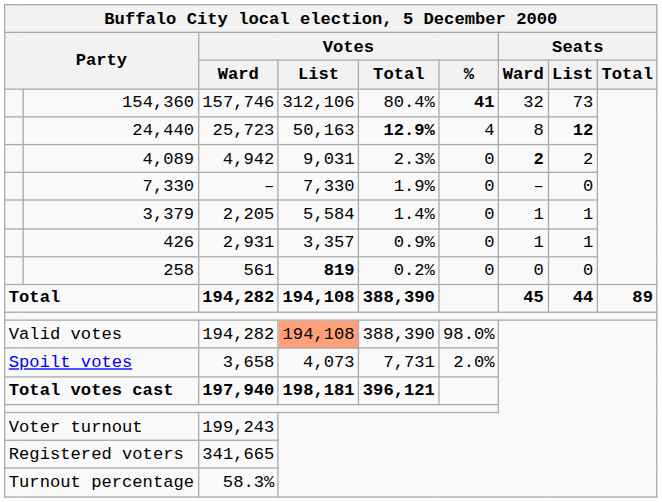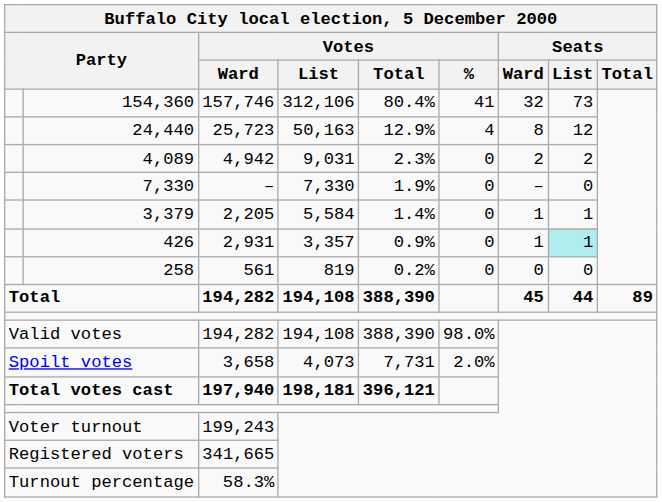 <table class=wikitable style="text-align:right">
 <tr>
 <th colspan="9" align="center">Buffalo City local election, 5 December 2000</th>
 </tr>
 <tr>
 <th rowspan="2" colspan="2">Party</th>
 <th colspan="4" align="center">Votes</th>
 <th colspan="3" align="center">Seats</th>
 </tr>
 <tr>
 <th>Ward</th>
 <th>List</th>
 <th>Total</th>
 <th>%</th>
 <th>Ward</th>
 <th>List</th>
 <th>Total</th>
 </tr>
 <tr>
 <td></td>
 <td>154,360</td>
 <td>157,746</td>
 <td>312,106</td>
 <td>80.4%</td>
-<td><strong>41</strong></td>
+<td>41</td>
 <td>32</td>
 <td>73</td>
 </tr>
 <tr>
 <td></td>
 <td>24,440</td>
 <td>25,723</td>
 <td>50,163</td>
-<td><strong>12.9%</strong></td>
+<td>12.9%</td>
 <td>4</td>
 <td>8</td>
-<td><strong>12</strong></td>
+<td>12</td>
 </tr>
 <tr>
 <td></td>
 <td>4,089</td>
 <td>4,942</td>
 <td>9,031</td>
 <td>2.3%</td>
 <td>0</td>
-<td><strong>2</strong></td>
+<td>2</td>
 <td>2</td>
 </tr>
 <tr>
 <td></td>
 <td>7,330</td>
 <td>–</td>
 <td>7,330</td>
 <td>1.9%</td>
 <td>0</td>
 <td>–</td>
 <td>0</td>
 </tr>
 <tr>
 <td></td>
 <td>3,379</td>
 <td>2,205</td>
 <td>5,584</td>
 <td>1.4%</td>
 <td>0</td>
 <td>1</td>
 <td>1</td>
 </tr>
 <tr>
 <td></td>
 <td>426</td>
 <td>2,931</td>
 <td>3,357</td>
 <td>0.9%</td>
 <td>0</td>
 <td>1</td>
-<td>1</td>
+<td style="background: paleturquoise;">1</td>
 </tr>
 <tr>
 <td></td>
 <td>258</td>
 <td>561</td>
-<td><strong>819</strong></td>
+<td>819</td>
 <td>0.2%</td>
 <td>0</td>
 <td>0</td>
 <td>0</td>
 </tr>
 <tr>
 <td colspan="2" style="text-align:left"><strong>Total</strong></td>
 <td><strong>194,282</strong></td>
 <td><strong>194,108</strong></td>
 <td><strong>388,390</strong></td>
 <td></td>
 <td><strong>45</strong></td>
 <td><strong>44</strong></td>
 <td><strong>89</strong></td>
 </tr>
 <tr>
 <td colspan="9"></td>
 </tr>
 <tr>
 <td colspan="2" style="text-align:left">Valid votes</td>
 <td>194,282</td>
-<td style="background: lightsalmon;">194,108</td>
+<td>194,108</td>
 <td>388,390</td>
 <td>98.0%</td>
 </tr>
 <tr>
 <td colspan="2" style="text-align:left"><a href='#'>Spoilt votes</a></td>
 <td>3,658</td>
 <td>4,073</td>
 <td>7,731</td>
 <td>2.0%</td>
 </tr>
 <tr>
 <td colspan="2" style="text-align:left"><strong>Total votes cast</strong></td>
 <td><strong>197,940</strong></td>
 <td><strong>198,181</strong></td>
 <td><strong>396,121</strong></td>
 <td></td>
 </tr>
 <tr>
 <td colspan="6"></td>
 </tr>
 <tr>
 <td colspan="2" style="text-align:left">Voter turnout</td>
 <td>199,243</td>
 </tr>
 <tr>
 <td colspan="2" style="text-align:left">Registered voters</td>
 <td>341,665</td>
 </tr>
 <tr>
 <td colspan="2" style="text-align:left">Turnout percentage</td>
 <td>58.3%</td>
 </tr>
 </table>
